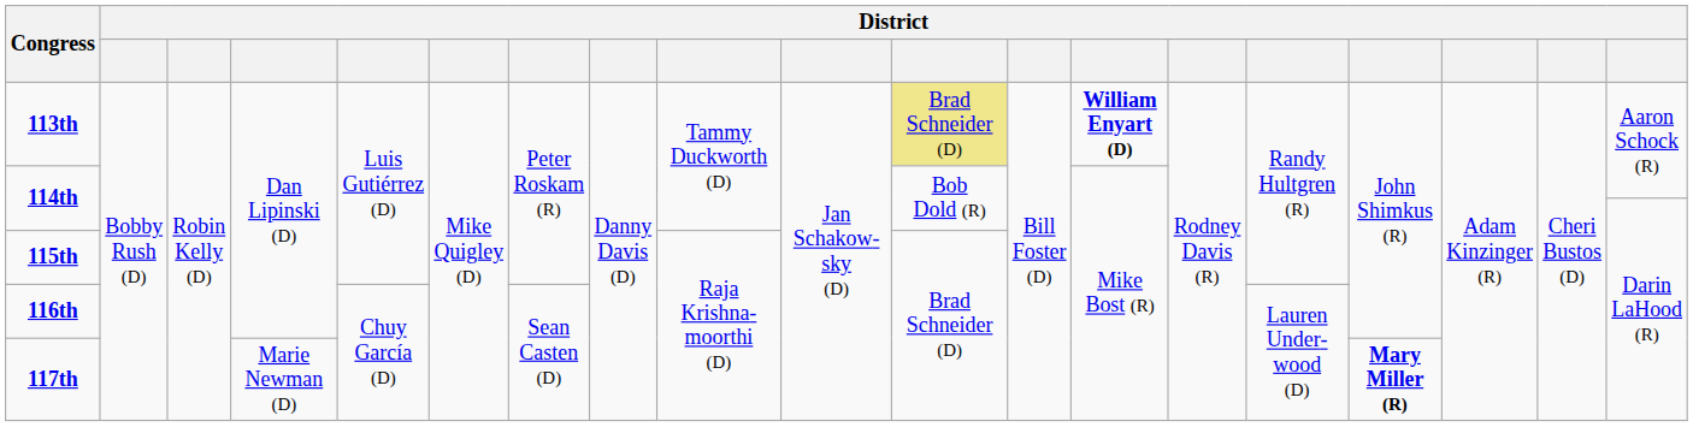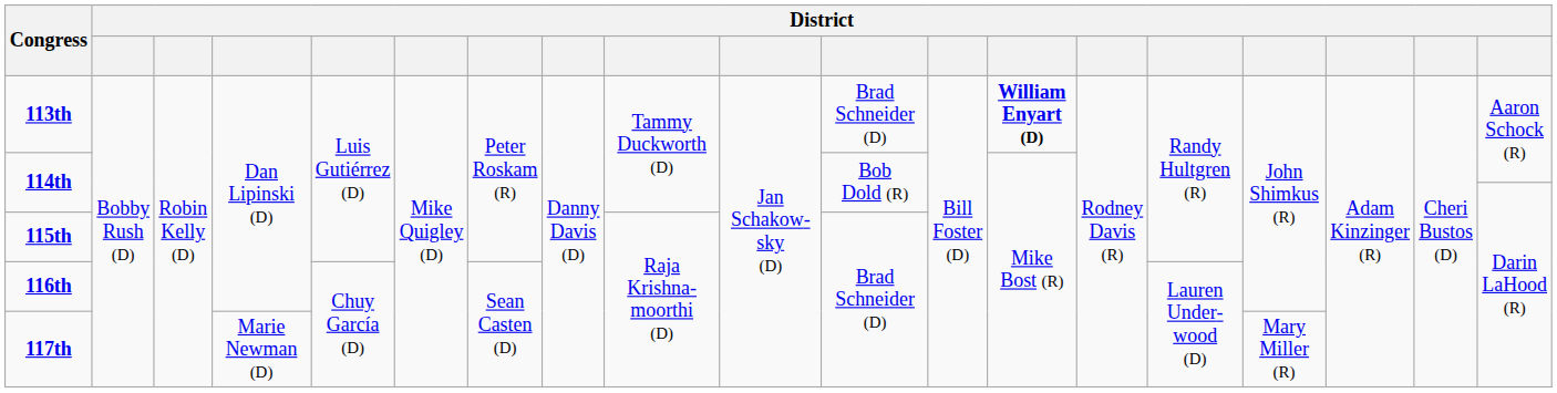 <table class=wikitable style="text-align:center">
 <tr>
 <th rowspan=2>Congress</th>
 <th colspan=18>District</th>
 </tr>
 <tr style="height:2em" style="height:2em">
 <th></th>
 <th></th>
 <th></th>
 <th></th>
 <th></th>
 <th></th>
 <th></th>
 <th></th>
 <th></th>
 <th></th>
 <th></th>
 <th></th>
 <th></th>
 <th></th>
 <th></th>
 <th></th>
 <th></th>
 <th></th>
 </tr>
 <tr style="height:2.5em">
 <td><strong><a href='#'>113th</a></strong> </td>
 <td rowspan=6 ><a href='#'>Bobby<br>Rush</a><br><small>(D)</small></td>
 <td rowspan=6 ><a href='#'>Robin<br>Kelly</a><br><small>(D)</small></td>
 <td rowspan=5 ><a href='#'>Dan<br>Lipinski</a><br><small>(D)</small></td>
 <td rowspan=4 ><a href='#'>Luis<br>Gutiérrez</a><br><small>(D)</small></td>
 <td rowspan=6 ><a href='#'>Mike<br>Quigley</a><br><small>(D)</small></td>
 <td rowspan=4 ><a href='#'>Peter<br>Roskam</a><br><small>(R)</small></td>
 <td rowspan=6 ><a href='#'>Danny<br>Davis</a><br><small>(D)</small></td>
 <td rowspan=3 ><a href='#'>Tammy<br>Duck­worth</a><br><small>(D)</small></td>
 <td rowspan=6 ><a href='#'>Jan<br>Schakow­sky</a><br><small>(D)</small></td>
-<td style="background: khaki;"><a href='#'>Brad<br>Schneider</a> <small>(D)</small></td>
+<td><a href='#'>Brad<br>Schneider</a> <small>(D)</small></td>
 <td rowspan=6 ><a href='#'>Bill<br>Foster</a><br><small>(D)</small></td>
 <td><strong><a href='#'>William<br>Enyart</a> <small>(D)</small></strong></td>
 <td rowspan=6 ><a href='#'>Rodney<br>Davis</a><br><small>(R)</small></td>
 <td rowspan=4 ><a href='#'>Randy<br>Hultgren</a><br><small>(R)</small></td>
 <td rowspan=5 ><a href='#'>John<br>Shimkus</a><br><small>(R)</small></td>
 <td rowspan=6 ><a href='#'>Adam<br>Kinzinger</a><br><small>(R)</small></td>
 <td rowspan=6 ><a href='#'>Cheri<br>Bustos</a><br><small>(D)</small></td>
 <td rowspan=2 ><a href='#'>Aaron<br>Schock</a><br><small>(R)</small></td>
 </tr>
 <tr style="height:1.5em">
 <td rowspan=2><strong><a href='#'>114th</a></strong> </td>
 <td rowspan=2 ><a href='#'>Bob<br>Dold</a> <small>(R)</small></td>
 <td rowspan=5 ><a href='#'>Mike<br>Bost</a> <small>(R)</small></td>
 </tr>
 <tr style="height:1.5em">
 <td rowspan=4 ><a href='#'>Darin<br>LaHood</a><br><small>(R)</small></td>
 </tr>
 <tr style="height:2.5em">
 <td><strong><a href='#'>115th</a></strong> </td>
 <td rowspan=3 ><a href='#'>Raja<br>Krishna­moorthi</a><br><small>(D)</small></td>
 <td rowspan=3 ><a href='#'>Brad<br>Schneider</a><br><small>(D)</small></td>
 </tr>
 <tr style="height:2.5em">
 <td><strong><a href='#'>116th</a></strong> </td>
 <td rowspan=2 ><a href='#'>Chuy<br>García</a><br><small>(D)</small></td>
 <td rowspan=2 ><a href='#'>Sean<br>Casten</a><br><small>(D)</small></td>
 <td rowspan=2 ><a href='#'>Lauren<br>Under­wood</a><br><small>(D)</small></td>
 </tr>
 <tr style="height:2.5em">
 <td><strong><a href='#'>117th</a></strong> </td>
 <td><a href='#'>Marie<br>Newman</a> <small>(D)</small></td>
-<td><strong><a href='#'>Mary<br>Miller</a> <small>(R)</small></strong></td>
+<td><a href='#'>Mary<br>Miller</a> <small>(R)</small></td>
 </tr>
 </table>
